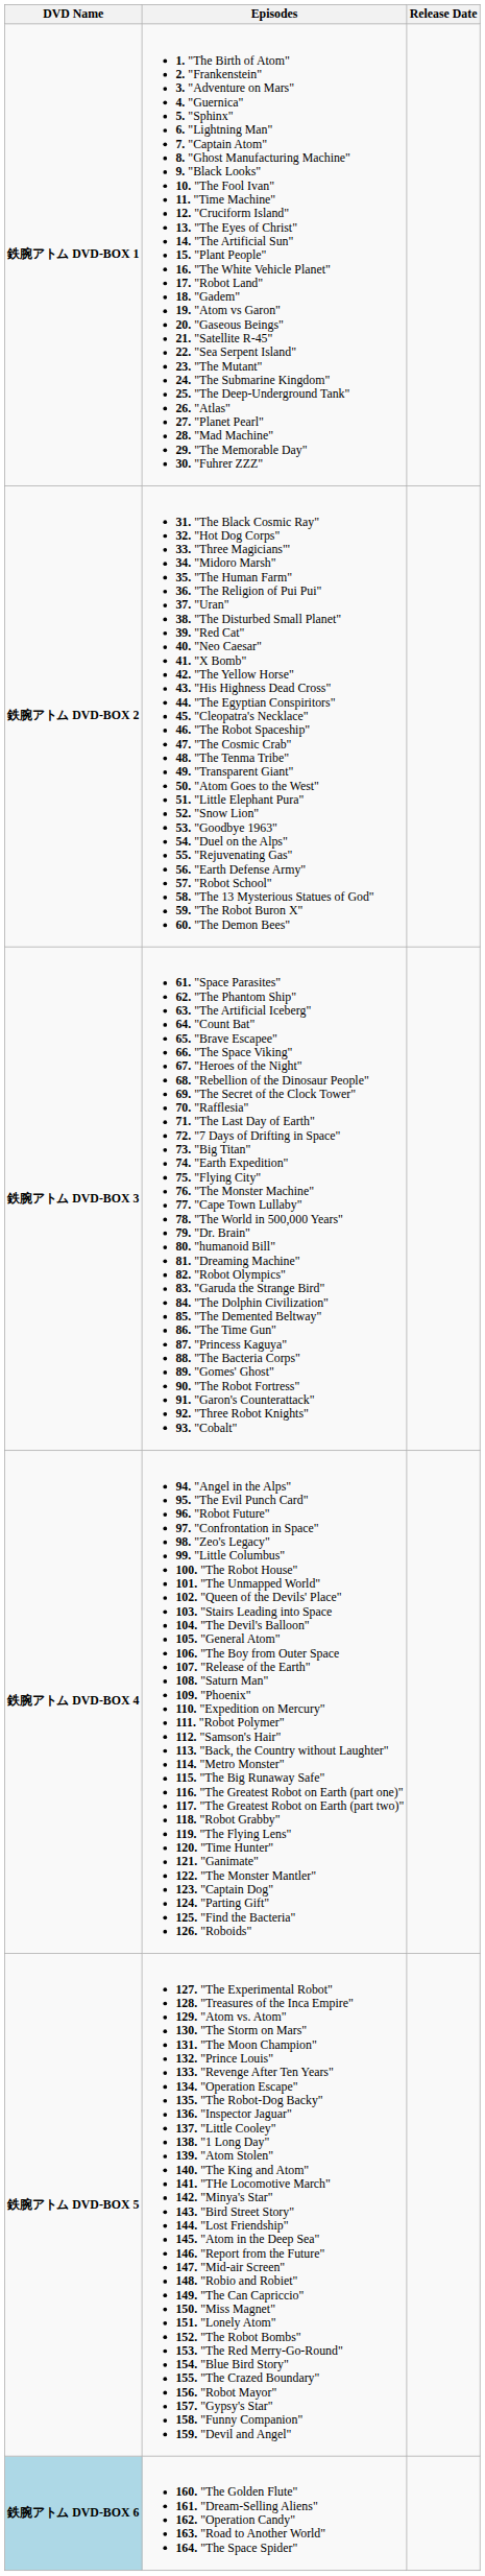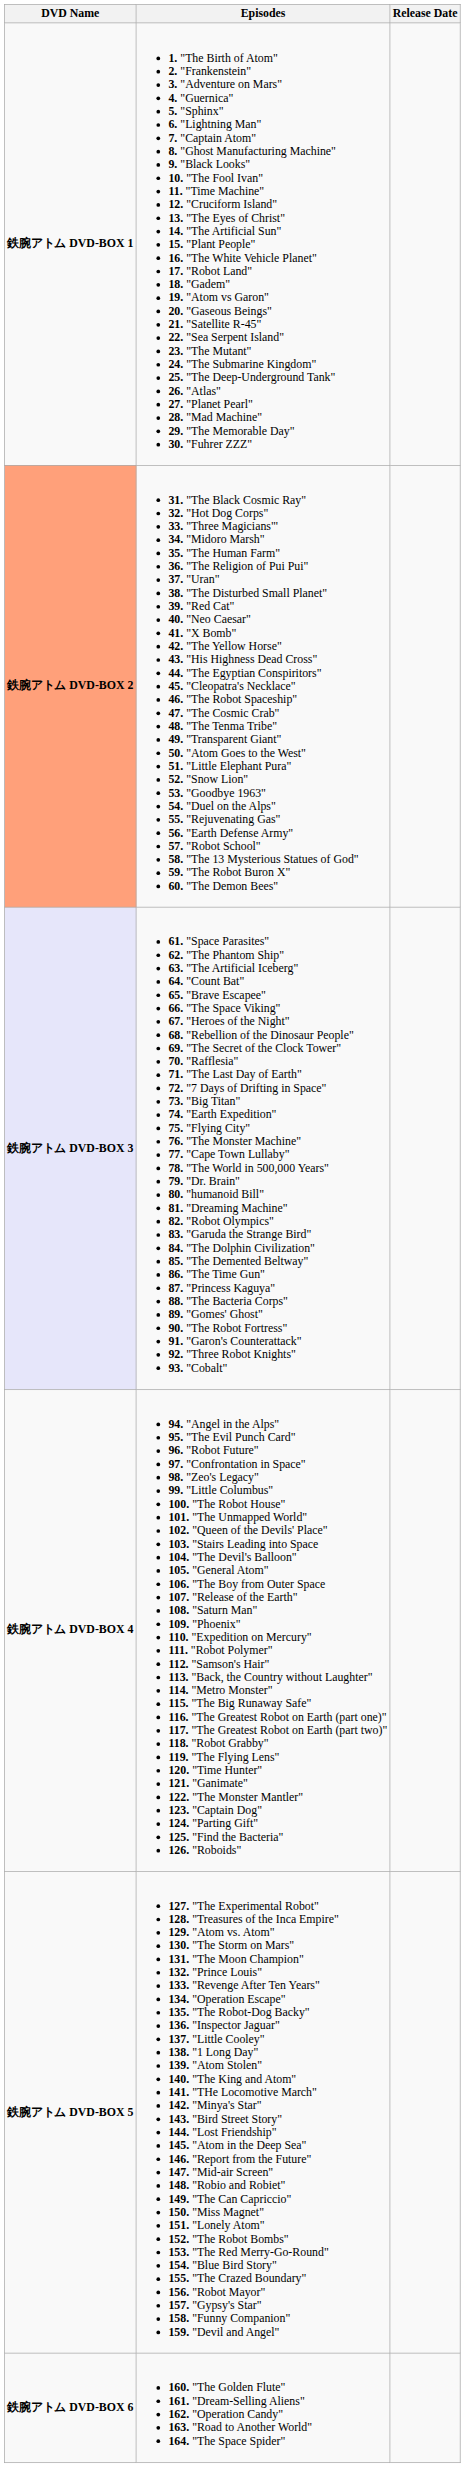 <table class="wikitable">
 <tr>
 <th><strong>DVD Name</strong></th>
 <th><strong>Episodes</strong></th>
 <th><strong>Release Date</strong></th>
 </tr>
 <tr>
 <td><strong>鉄腕アトム DVD-BOX 1</strong></td>
 <td><br><ul><li><strong>1.</strong> "The Birth of Atom"</li><li><strong>2.</strong> "Frankenstein"</li><li><strong>3.</strong> "Adventure on Mars"</li><li><strong>4.</strong> "Guernica"</li><li><strong>5.</strong> "Sphinx"</li><li><strong>6.</strong> "Lightning Man"</li><li><strong>7.</strong> "Captain Atom"</li><li><strong>8.</strong> "Ghost Manufacturing Machine"</li><li><strong>9.</strong> "Black Looks"</li><li><strong>10.</strong> "The Fool Ivan"</li><li><strong>11.</strong> "Time Machine"</li><li><strong>12.</strong> "Cruciform Island"</li><li><strong>13.</strong> "The Eyes of Christ"</li><li><strong>14.</strong> "The Artificial Sun"</li><li><strong>15.</strong> "Plant People"</li><li><strong>16.</strong> "The White Vehicle Planet"</li><li><strong>17.</strong> "Robot Land"</li><li><strong>18.</strong> "Gadem"</li><li><strong>19.</strong> "Atom vs Garon"</li><li><strong>20.</strong> "Gaseous Beings"</li><li><strong>21.</strong> "Satellite R-45"</li><li><strong>22.</strong> "Sea Serpent Island"</li><li><strong>23.</strong> "The Mutant"</li><li><strong>24.</strong> "The Submarine Kingdom"</li><li><strong>25.</strong> "The Deep-Underground Tank"</li><li><strong>26.</strong> "Atlas"</li><li><strong>27.</strong> "Planet Pearl"</li><li><strong>28.</strong> "Mad Machine"</li><li><strong>29.</strong> "The Memorable Day"</li><li><strong>30.</strong> "Fuhrer ZZZ"</li></ul></td>
 <td></td>
 </tr>
 <tr>
-<td><strong>鉄腕アトム DVD-BOX 2</strong></td>
+<td style="background: lightsalmon;"><strong>鉄腕アトム DVD-BOX 2</strong></td>
 <td><br><ul><li><strong>31.</strong> "The Black Cosmic Ray"</li><li><strong>32.</strong> "Hot Dog Corps"</li><li><strong>33.</strong> "Three Magicians"'</li><li><strong>34.</strong> "Midoro Marsh"</li><li><strong>35.</strong> "The Human Farm"</li><li><strong>36.</strong> "The Religion of Pui Pui"</li><li><strong>37.</strong> "Uran"</li><li><strong>38.</strong> "The Disturbed Small Planet"</li><li><strong>39.</strong> "Red Cat"</li><li><strong>40.</strong> "Neo Caesar"</li><li><strong>41.</strong> "X Bomb"</li><li><strong>42.</strong> "The Yellow Horse"</li><li><strong>43.</strong> "His Highness Dead Cross"</li><li><strong>44.</strong> "The Egyptian Conspiritors"</li><li><strong>45.</strong> "Cleopatra's Necklace"</li><li><strong>46.</strong> "The Robot Spaceship"</li><li><strong>47.</strong> "The Cosmic Crab"</li><li><strong>48.</strong> "The Tenma Tribe"</li><li><strong>49.</strong> "Transparent Giant"</li><li><strong>50.</strong> "Atom Goes to the West"</li><li><strong>51.</strong> "Little Elephant Pura"</li><li><strong>52.</strong> "Snow Lion"</li><li><strong>53.</strong> "Goodbye 1963"</li><li><strong>54.</strong> "Duel on the Alps"</li><li><strong>55.</strong> "Rejuvenating Gas"</li><li><strong>56.</strong> "Earth Defense Army"</li><li><strong>57.</strong> "Robot School"</li><li><strong>58.</strong> "The 13 Mysterious Statues of God"</li><li><strong>59.</strong> "The Robot Buron X"</li><li><strong>60.</strong> "The Demon Bees"</li></ul></td>
 <td></td>
 </tr>
 <tr>
-<td><strong>鉄腕アトム DVD-BOX 3</strong></td>
+<td style="background: lavender;"><strong>鉄腕アトム DVD-BOX 3</strong></td>
 <td><br><ul><li><strong>61.</strong> "Space Parasites"</li><li><strong>62.</strong> "The Phantom Ship"</li><li><strong>63.</strong> "The Artificial Iceberg"</li><li><strong>64.</strong> "Count Bat"</li><li><strong>65.</strong> "Brave Escapee"</li><li><strong>66.</strong> "The Space Viking"</li><li><strong>67.</strong> "Heroes of the Night"</li><li><strong>68.</strong> "Rebellion of the Dinosaur People"</li><li><strong>69.</strong> "The Secret of the Clock Tower"</li><li><strong>70.</strong> "Rafflesia"</li><li><strong>71.</strong> "The Last Day of Earth"</li><li><strong>72.</strong> "7 Days of Drifting in Space"</li><li><strong>73.</strong> "Big Titan"</li><li><strong>74.</strong> "Earth Expedition"</li><li><strong>75.</strong> "Flying City"</li><li><strong>76.</strong> "The Monster Machine"</li><li><strong>77.</strong> "Cape Town Lullaby"</li><li><strong>78.</strong> "The World in 500,000 Years"</li><li><strong>79.</strong> "Dr. Brain"</li><li><strong>80.</strong> "humanoid Bill"</li><li><strong>81.</strong> "Dreaming Machine"</li><li><strong>82.</strong> "Robot Olympics"</li><li><strong>83.</strong> "Garuda the Strange Bird"</li><li><strong>84.</strong> "The Dolphin Civilization"</li><li><strong>85.</strong> "The Demented Beltway"</li><li><strong>86.</strong> "The Time Gun"</li><li><strong>87.</strong> "Princess Kaguya"</li><li><strong>88.</strong> "The Bacteria Corps"</li><li><strong>89.</strong> "Gomes' Ghost"</li><li><strong>90.</strong> "The Robot Fortress"</li><li><strong>91.</strong> "Garon's Counterattack"</li><li><strong>92.</strong> "Three Robot Knights"</li><li><strong>93.</strong> "Cobalt"</li></ul></td>
 <td></td>
 </tr>
 <tr>
 <td><strong>鉄腕アトム DVD-BOX 4</strong></td>
 <td><br><ul><li><strong>94.</strong> "Angel in the Alps"</li><li><strong>95.</strong> "The Evil Punch Card"</li><li><strong>96.</strong> "Robot Future"</li><li><strong>97.</strong> "Confrontation in Space"</li><li><strong>98.</strong> "Zeo's Legacy"</li><li><strong>99.</strong> "Little Columbus"</li><li><strong>100.</strong> "The Robot House"</li><li><strong>101.</strong> "The Unmapped World"</li><li><strong>102.</strong> "Queen of the Devils' Place"</li><li><strong>103.</strong> "Stairs Leading into Space</li><li><strong>104.</strong> "The Devil's Balloon"</li><li><strong>105.</strong> "General Atom"</li><li><strong>106.</strong> "The Boy from Outer Space</li><li><strong>107.</strong> "Release of the Earth"</li><li><strong>108.</strong> "Saturn Man"</li><li><strong>109.</strong> "Phoenix"</li><li><strong>110.</strong> "Expedition on Mercury"</li><li><strong>111.</strong> "Robot Polymer"</li><li><strong>112.</strong> "Samson's Hair"</li><li><strong>113.</strong> "Back, the Country without Laughter"</li><li><strong>114.</strong> "Metro Monster"</li><li><strong>115.</strong> "The Big Runaway Safe"</li><li><strong>116.</strong> "The Greatest Robot on Earth (part one)"</li><li><strong>117.</strong> "The Greatest Robot on Earth (part two)"</li><li><strong>118.</strong> "Robot Grabby"</li><li><strong>119.</strong> "The Flying Lens"</li><li><strong>120.</strong> "Time Hunter"</li><li><strong>121.</strong> "Ganimate"</li><li><strong>122.</strong> "The Monster Mantler"</li><li><strong>123.</strong> "Captain Dog"</li><li><strong>124.</strong> "Parting Gift"</li><li><strong>125.</strong> "Find the Bacteria"</li><li><strong>126.</strong> "Roboids"</li></ul></td>
 <td></td>
 </tr>
 <tr>
 <td><strong>鉄腕アトム DVD-BOX 5</strong></td>
 <td><br><ul><li><strong>127.</strong> "The Experimental Robot"</li><li><strong>128.</strong> "Treasures of the Inca Empire"</li><li><strong>129.</strong> "Atom vs. Atom"</li><li><strong>130.</strong> "The Storm on Mars"</li><li><strong>131.</strong> "The Moon Champion"</li><li><strong>132.</strong> "Prince Louis"</li><li><strong>133.</strong> "Revenge After Ten Years"</li><li><strong>134.</strong> "Operation Escape"</li><li><strong>135.</strong> "The Robot-Dog Backy"</li><li><strong>136.</strong> "Inspector Jaguar"</li><li><strong>137.</strong> "Little Cooley"</li><li><strong>138.</strong> "1 Long Day"</li><li><strong>139.</strong> "Atom Stolen"</li><li><strong>140.</strong> "The King and Atom"</li><li><strong>141.</strong> "THe Locomotive March"</li><li><strong>142.</strong> "Minya's Star"</li><li><strong>143.</strong> "Bird Street Story"</li><li><strong>144.</strong> "Lost Friendship"</li><li><strong>145.</strong> "Atom in the Deep Sea"</li><li><strong>146.</strong> "Report from the Future"</li><li><strong>147.</strong> "Mid-air Screen"</li><li><strong>148.</strong> "Robio and Robiet"</li><li><strong>149.</strong> "The Can Capriccio"</li><li><strong>150.</strong> "Miss Magnet"</li><li><strong>151.</strong> "Lonely Atom"</li><li><strong>152.</strong> "The Robot Bombs"</li><li><strong>153.</strong> "The Red Merry-Go-Round"</li><li><strong>154.</strong> "Blue Bird Story"</li><li><strong>155.</strong> "The Crazed Boundary"</li><li><strong>156.</strong> "Robot Mayor"</li><li><strong>157.</strong> "Gypsy's Star"</li><li><strong>158.</strong> "Funny Companion"</li><li><strong>159.</strong> "Devil and Angel"</li></ul></td>
 <td></td>
 </tr>
 <tr>
-<td style="background: lightblue;"><strong>鉄腕アトム DVD-BOX 6</strong></td>
+<td><strong>鉄腕アトム DVD-BOX 6</strong></td>
 <td><br><ul><li><strong>160.</strong> "The Golden Flute"</li><li><strong>161.</strong> "Dream-Selling Aliens"</li><li><strong>162.</strong> "Operation Candy"</li><li><strong>163.</strong> "Road to Another World"</li><li><strong>164.</strong> "The Space Spider"</li></ul></td>
 </tr>
 </table>
